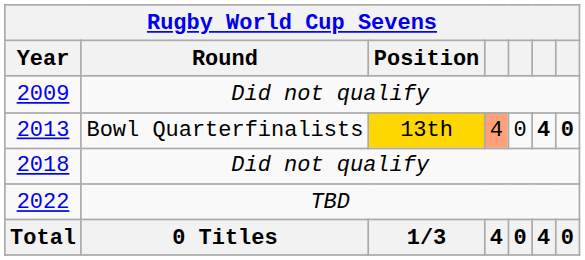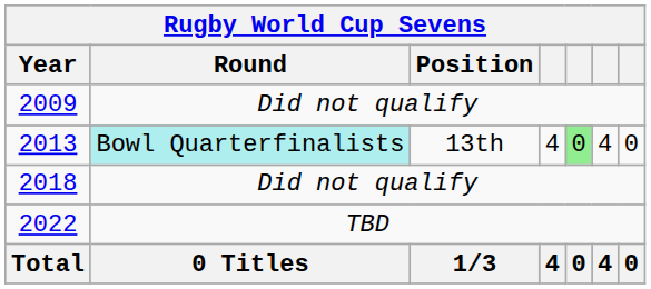 <table class="wikitable" style="text-align: center;">
 <tr>
 <th colspan=10><a href='#'>Rugby World Cup Sevens</a></th>
 </tr>
 <tr>
 <th>Year</th>
 <th>Round</th>
 <th>Position</th>
 <th></th>
 <th></th>
 <th></th>
 <th></th>
 </tr>
 <tr>
 <td> <a href='#'>2009</a></td>
 <td colspan=6><em>Did not qualify</em></td>
 </tr>
 <tr>
 <td> <a href='#'>2013</a></td>
-<td>Bowl Quarterfinalists</td>
-<td style="background: gold;">13th</td>
-<td style="background: lightsalmon;">4</td>
+<td style="background: paleturquoise;">Bowl Quarterfinalists</td>
+<td>13th</td>
+<td>4</td>
+<td style="background: lightgreen;">0</td>
+<td>4</td>
 <td>0</td>
-<td><strong>4</strong></td>
-<td><strong>0</strong></td>
 </tr>
 <tr>
 <td> <a href='#'>2018</a></td>
 <td colspan=6><em>Did not qualify</em></td>
 </tr>
 <tr>
 <td> <a href='#'>2022</a></td>
 <td colspan=6><em>TBD</em></td>
 </tr>
 <tr>
 <th>Total</th>
 <th>0 Titles</th>
 <th>1/3</th>
 <th>4</th>
 <th>0</th>
 <th>4</th>
 <th>0</th>
 </tr>
 </table>
